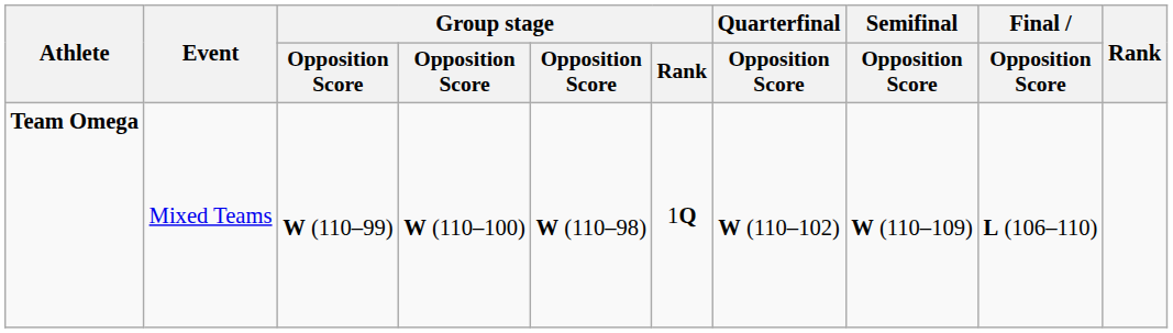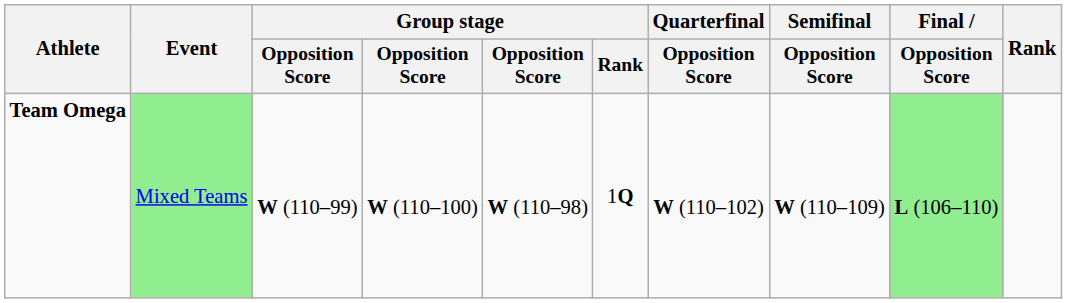 <table class="wikitable" style="font-size:90%">
 <tr>
 <th rowspan=2>Athlete</th>
 <th rowspan=2>Event</th>
 <th colspan=4>Group stage</th>
 <th>Quarterfinal</th>
 <th>Semifinal</th>
 <th>Final / </th>
 <th rowspan=2>Rank</th>
 </tr>
 <tr style="font-size:95%">
 <th>Opposition<br>Score</th>
 <th>Opposition<br>Score</th>
 <th>Opposition<br>Score</th>
 <th>Rank</th>
 <th>Opposition<br>Score</th>
 <th>Opposition<br>Score</th>
 <th>Opposition<br>Score</th>
 </tr>
 <tr align=center>
 <td align=left><strong>Team Omega</strong> <br><br><br><br><br><br><br><br></td>
-<td align=left><a href='#'>Mixed Teams</a></td>
+<td align=left style="background: lightgreen;"><a href='#'>Mixed Teams</a></td>
 <td><br><strong>W</strong> (110–99)</td>
 <td><br><strong>W</strong> (110–100)</td>
 <td><br><strong>W</strong> (110–98)</td>
 <td>1<strong>Q</strong></td>
 <td><br><strong>W</strong> (110–102)</td>
 <td><br><strong>W</strong> (110–109)</td>
-<td><br><strong>L</strong> (106–110)</td>
+<td style="background: lightgreen;"><br><strong>L</strong> (106–110)</td>
 <td></td>
 </tr>
 </table>
